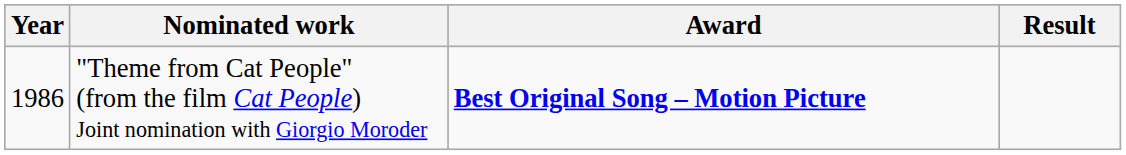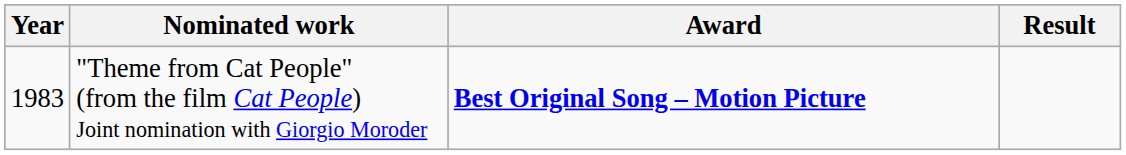 <table class="wikitable">
 <tr>
 <th>Year</th>
 <th style="width:220px;">Nominated work</th>
 <th style="width:325px;">Award</th>
 <th width="65">Result</th>
 </tr>
 <tr>
-<td>1986</td>
+<td>1983</td>
 <td>"Theme from Cat People"<br>(from the film <em><a href='#'>Cat People</a></em>)<br><small>Joint nomination with <a href='#'>Giorgio Moroder</a></small></td>
 <td><strong><a href='#'>Best Original Song – Motion Picture</a></strong></td>
 <td></td>
 </tr>
 </table>
